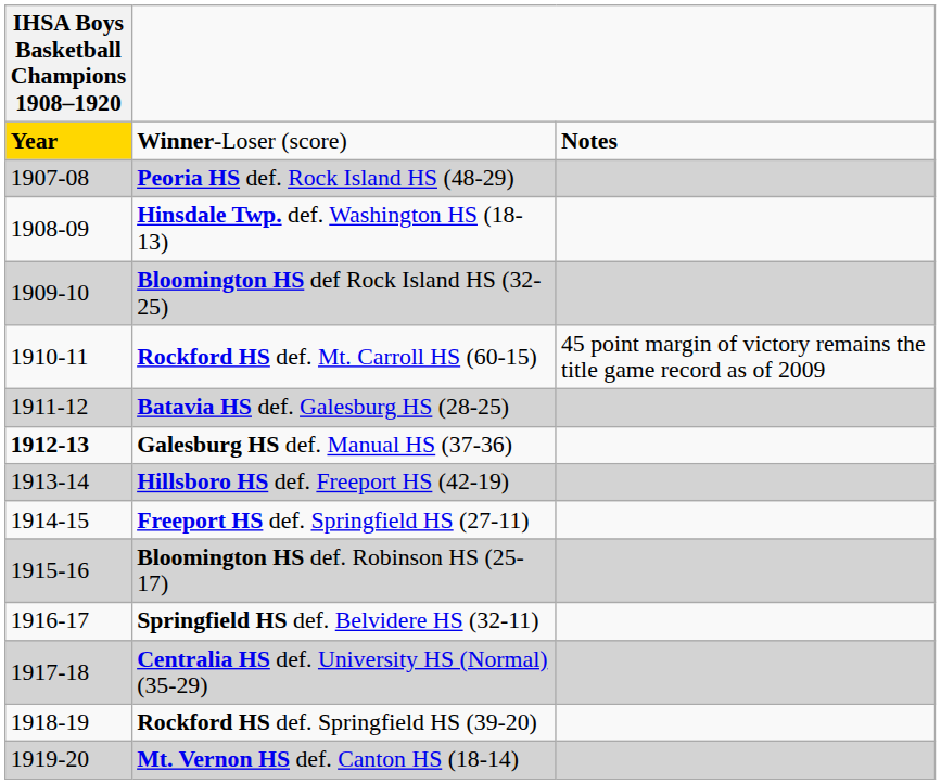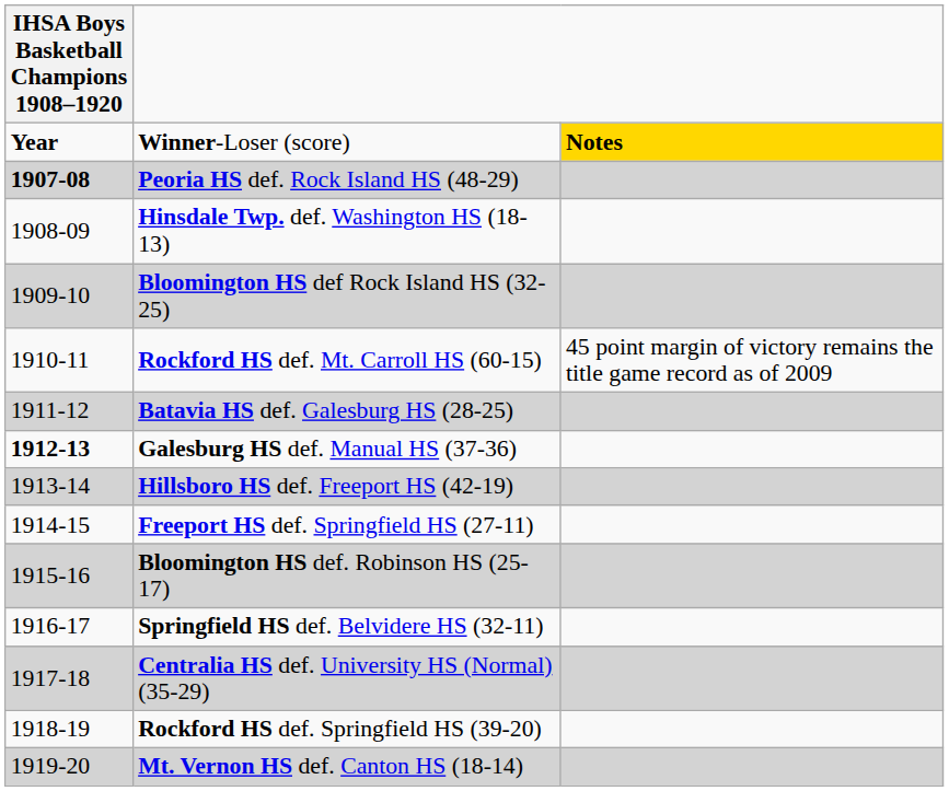 <table class="wikitable collapsible collapsed">
 <tr>
 <th>IHSA Boys Basketball Champions 1908–1920</th>
 </tr>
 <tr>
-<td width="40" style="background: gold;"><strong>Year</strong></td>
+<td width="40"><strong>Year</strong></td>
 <td width="280"><strong>Winner</strong>-Loser (score)</td>
-<td width="250"><strong>Notes</strong></td>
+<td width="250" style="background: gold;"><strong>Notes</strong></td>
 </tr>
 <tr style="background: #D3D3D3;">
-<td>1907-08</td>
+<td><strong>1907-08</strong></td>
 <td><strong><a href='#'>Peoria HS</a></strong> def. <a href='#'>Rock Island HS</a> (48-29)</td>
 <td></td>
 </tr>
 <tr>
 <td>1908-09</td>
 <td><strong><a href='#'>Hinsdale Twp.</a></strong>  def. <a href='#'>Washington HS</a> (18-13)</td>
 <td></td>
 </tr>
 <tr style="background: #D3D3D3;">
 <td>1909-10</td>
 <td><strong><a href='#'>Bloomington HS</a></strong> def Rock Island HS (32-25)</td>
 <td></td>
 </tr>
 <tr>
 <td>1910-11</td>
 <td><strong><a href='#'>Rockford HS</a></strong> def. <a href='#'>Mt. Carroll HS</a> (60-15)</td>
 <td>45 point margin of victory remains the title game record as of 2009</td>
 </tr>
 <tr style="background: #D3D3D3;">
 <td>1911-12</td>
 <td><strong><a href='#'>Batavia HS</a></strong> def. <a href='#'>Galesburg HS</a> (28-25)</td>
 <td></td>
 </tr>
 <tr>
 <td><strong>1912-13</strong></td>
 <td><strong>Galesburg HS</strong> def. <a href='#'>Manual HS</a> (37-36)</td>
 <td></td>
 </tr>
 <tr style="background: #D3D3D3;">
 <td>1913-14</td>
 <td><strong><a href='#'>Hillsboro HS</a></strong> def. <a href='#'>Freeport HS</a> (42-19)</td>
 <td></td>
 </tr>
 <tr>
 <td>1914-15</td>
 <td><strong><a href='#'>Freeport HS</a></strong> def. <a href='#'>Springfield HS</a> (27-11)</td>
 <td></td>
 </tr>
 <tr style="background: #D3D3D3;">
 <td>1915-16</td>
 <td><strong>Bloomington HS</strong> def. Robinson HS (25-17)</td>
 <td></td>
 </tr>
 <tr>
 <td>1916-17</td>
 <td><strong>Springfield HS</strong> def. <a href='#'>Belvidere HS</a> (32-11)</td>
 <td></td>
 </tr>
 <tr style="background: #D3D3D3;">
 <td>1917-18</td>
 <td><strong><a href='#'>Centralia HS</a></strong> def. <a href='#'>University HS (Normal)</a> (35-29)</td>
 <td></td>
 </tr>
 <tr>
 <td>1918-19</td>
 <td><strong>Rockford HS</strong> def. Springfield HS (39-20)</td>
 <td></td>
 </tr>
 <tr style="background: #D3D3D3;">
 <td>1919-20</td>
 <td><strong><a href='#'>Mt. Vernon HS</a></strong> def. <a href='#'>Canton HS</a> (18-14)</td>
 <td></td>
 </tr>
 </table>
